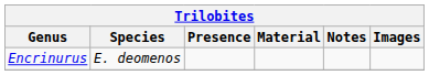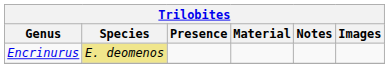 <table class="wikitable" align="center">
 <tr>
 <th colspan="6" align="center"><strong><a href='#'>Trilobites</a></strong></th>
 </tr>
 <tr>
 <th>Genus</th>
 <th>Species</th>
 <th>Presence</th>
 <th><strong>Material</strong></th>
 <th>Notes</th>
 <th>Images</th>
 </tr>
 <tr>
 <td><em><a href='#'>Encrinurus</a></em></td>
-<td><em>E. deomenos</em></td>
+<td style="background: khaki;"><em>E. deomenos</em></td>
 <td></td>
 <td></td>
 <td></td>
 <td></td>
 </tr>
 <tr>
 </tr>
 </table>
